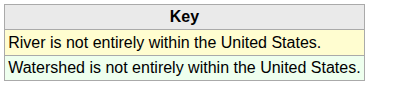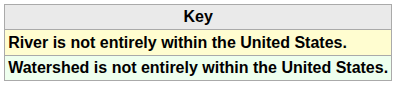 <table class="wikitable" border="1">
 <tr>
 <th style="background:#eaeaea" colspan=6>Key</th>
 </tr>
 <tr>
-<td bgcolor="#fffdd0" style="text-align: left"> River is not entirely within the United States.</td>
+<td bgcolor="#fffdd0" style="text-align: left"><strong> River is not entirely within the United States.</strong></td>
 </tr>
 <tr>
-<td bgcolor="#eeffee" style="text-align: left"> Watershed is not entirely within the United States.</td>
+<td bgcolor="#eeffee" style="text-align: left"><strong> Watershed is not entirely within the United States.</strong></td>
 </tr>
 </table>
